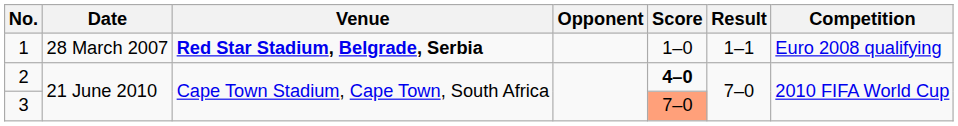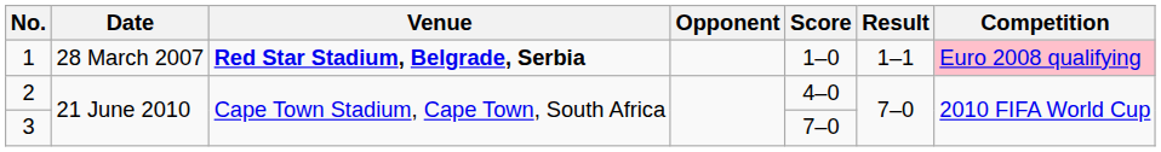 <table class="wikitable sortable">
 <tr>
 <th scope="col">No.</th>
 <th scope="col">Date</th>
 <th scope="col">Venue</th>
 <th scope="col">Opponent</th>
 <th scope="col">Score</th>
 <th scope="col">Result</th>
 <th scope="col">Competition</th>
 </tr>
 <tr>
 <td align="center">1</td>
 <td>28 March 2007</td>
 <td><strong><a href='#'>Red Star Stadium</a>, <a href='#'>Belgrade</a>, Serbia</strong></td>
 <td></td>
 <td align="center">1–0</td>
 <td align="center">1–1</td>
-<td><a href='#'>Euro 2008 qualifying</a></td>
+<td style="background: pink;"><a href='#'>Euro 2008 qualifying</a></td>
 </tr>
 <tr>
 <td align="center">2</td>
 <td rowspan="2">21 June 2010</td>
 <td rowspan="2"><a href='#'>Cape Town Stadium</a>, <a href='#'>Cape Town</a>, South Africa</td>
 <td rowspan="2"></td>
-<td align="center"><strong>4–0</strong></td>
+<td align="center">4–0</td>
 <td rowspan="2" style="text-align:center">7–0</td>
 <td rowspan="2"><a href='#'>2010 FIFA World Cup</a></td>
 </tr>
 <tr>
 <td align="center">3</td>
-<td align="center" style="background: lightsalmon;">7–0</td>
+<td align="center">7–0</td>
 </tr>
 </table>
